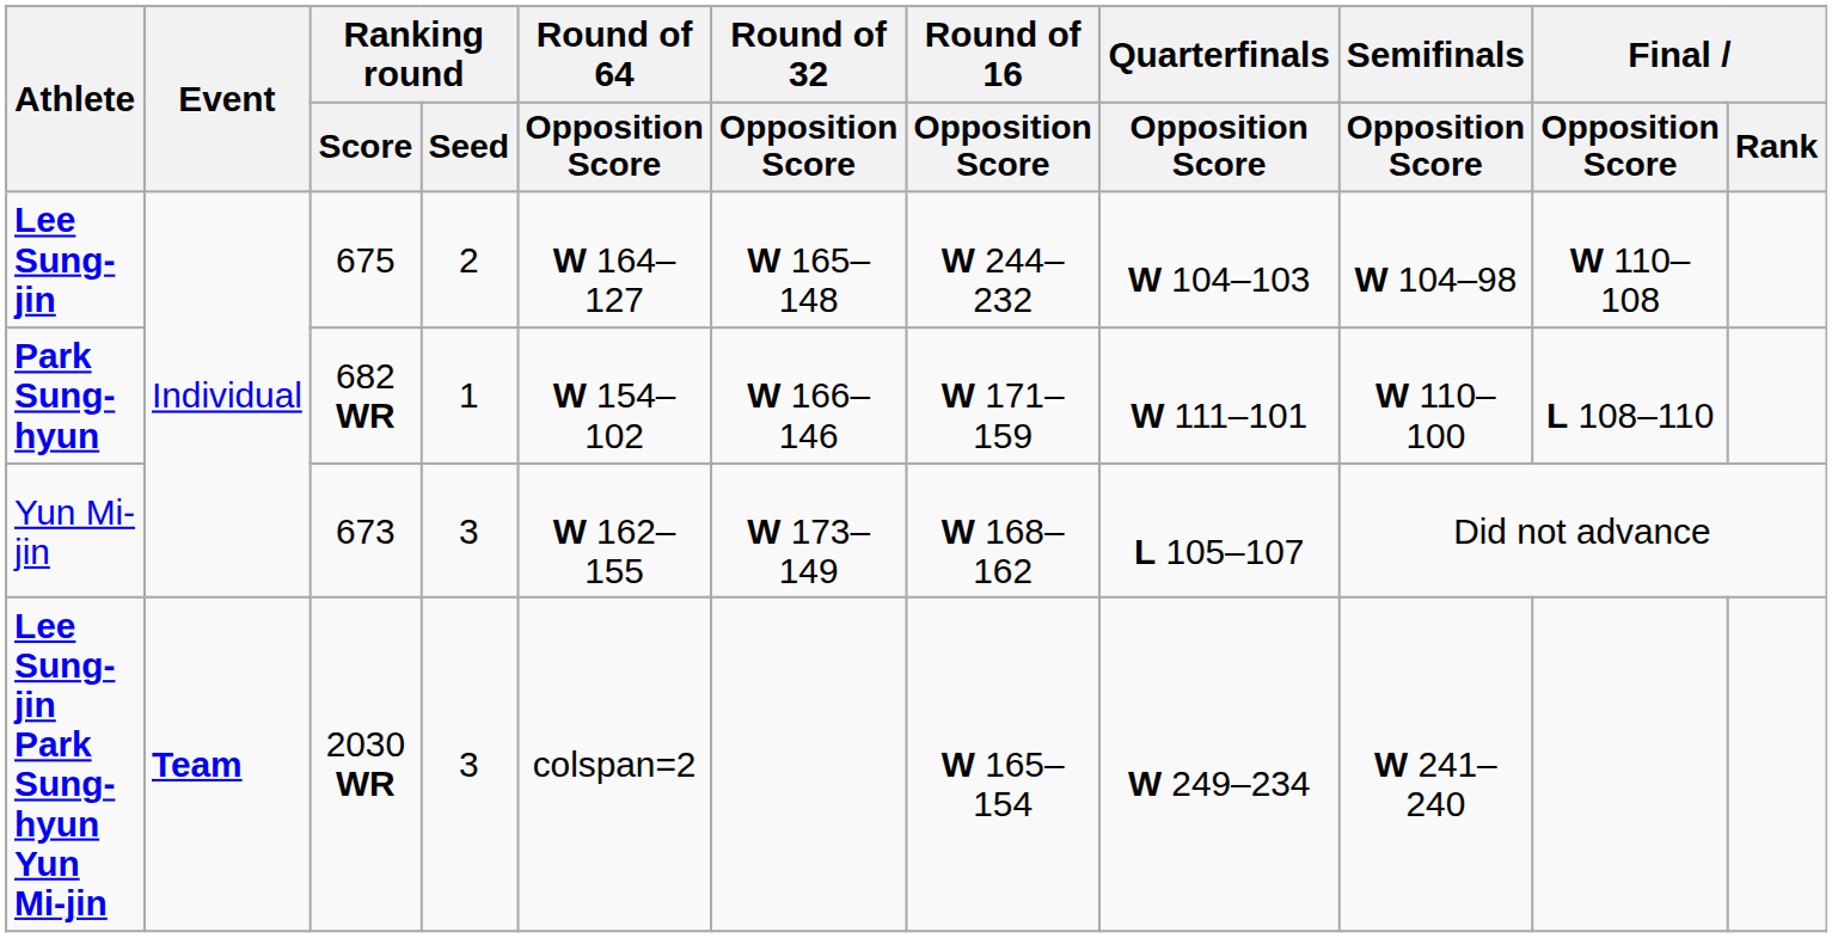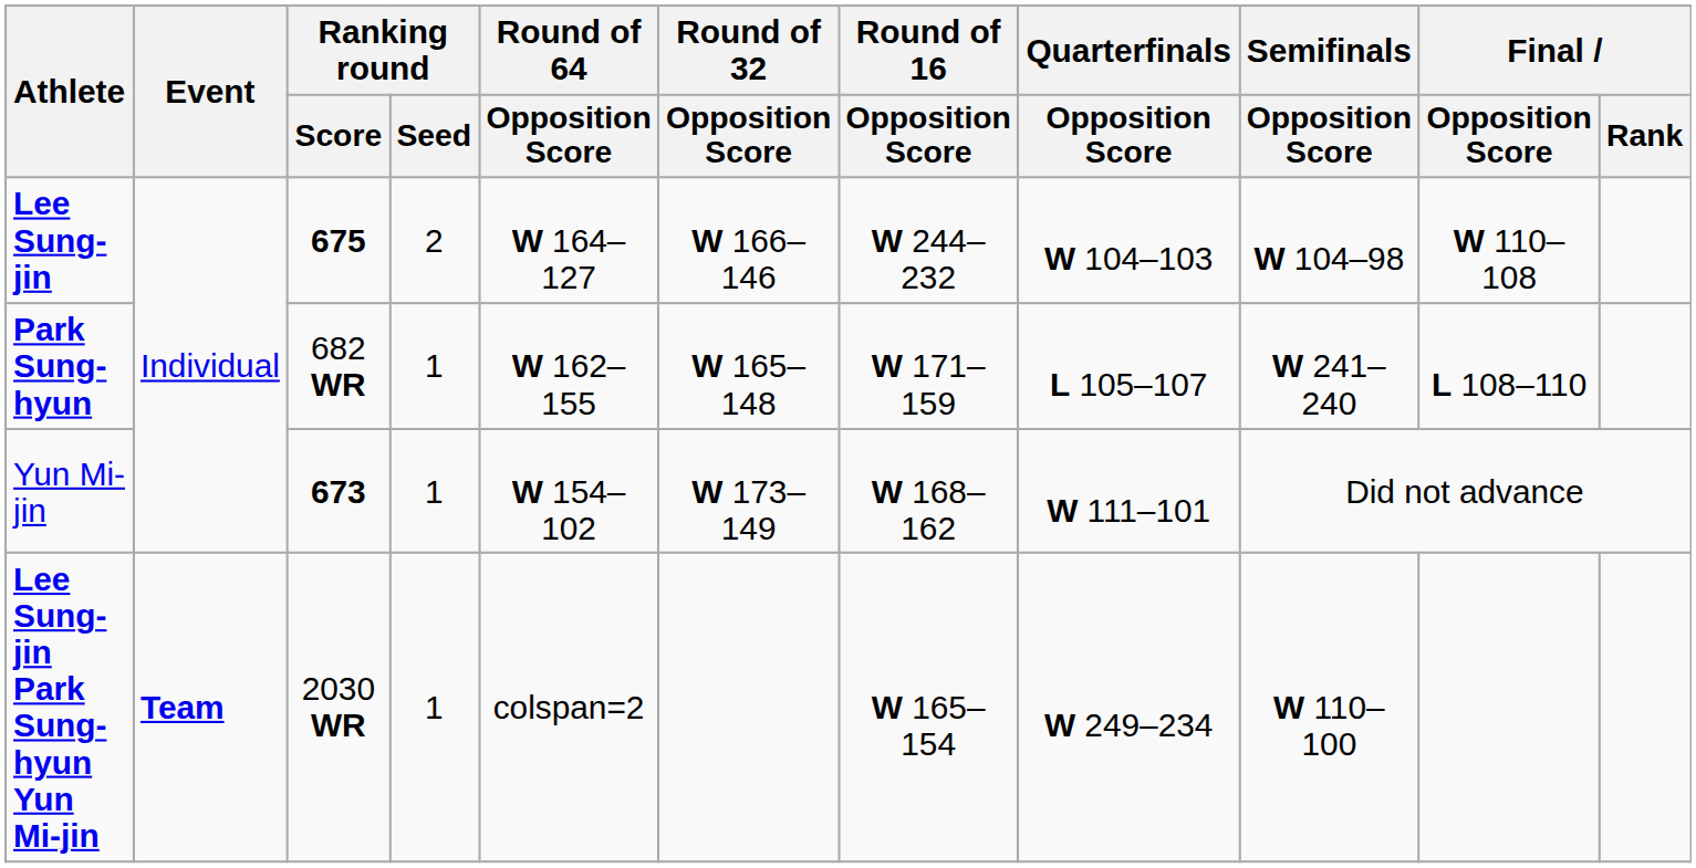 <table class="wikitable" style="font-size:90%">
 <tr>
 <th rowspan="2">Athlete</th>
 <th rowspan="2">Event</th>
 <th colspan="2">Ranking round</th>
 <th>Round of 64</th>
 <th>Round of 32</th>
 <th>Round of 16</th>
 <th>Quarterfinals</th>
 <th>Semifinals</th>
 <th colspan="2">Final / </th>
 </tr>
 <tr style="font-size:95%">
 <th>Score</th>
 <th>Seed</th>
 <th>Opposition<br>Score</th>
 <th>Opposition<br>Score</th>
 <th>Opposition<br>Score</th>
 <th>Opposition<br>Score</th>
 <th>Opposition<br>Score</th>
 <th>Opposition<br>Score</th>
 <th>Rank</th>
 </tr>
 <tr align=center>
 <td align=left><strong><a href='#'>Lee Sung-jin</a></strong></td>
 <td align=left rowspan=3><a href='#'>Individual</a></td>
-<td>675</td>
+<td><strong>675</strong></td>
 <td>2</td>
 <td><br><strong>W</strong> 164–127</td>
-<td><br><strong>W</strong> 165–148</td>
+<td><br><strong>W</strong> 166–146</td>
 <td><br><strong>W</strong> 244–232</td>
 <td><br><strong>W</strong> 104–103</td>
 <td><br><strong>W</strong> 104–98</td>
 <td><br><strong>W</strong> 110–108</td>
 <td></td>
 </tr>
 <tr align=center>
 <td align=left><strong><a href='#'>Park Sung-hyun</a></strong></td>
 <td>682 <strong>WR</strong></td>
 <td>1</td>
-<td><br><strong>W</strong> 154–102</td>
-<td><br><strong>W</strong> 166–146</td>
+<td><br><strong>W</strong> 162–155</td>
+<td><br><strong>W</strong> 165–148</td>
 <td><br><strong>W</strong> 171–159</td>
-<td><br><strong>W</strong> 111–101</td>
-<td><br><strong>W</strong> 110–100</td>
+<td><br><strong>L</strong> 105–107</td>
+<td><br><strong>W</strong> 241–240</td>
 <td><br><strong>L</strong> 108–110</td>
 <td></td>
 </tr>
 <tr align=center>
 <td align=left><a href='#'>Yun Mi-jin</a></td>
-<td>673</td>
-<td>3</td>
-<td><br><strong>W</strong> 162–155</td>
+<td><strong>673</strong></td>
+<td>1</td>
+<td><br><strong>W</strong> 154–102</td>
 <td><br><strong>W</strong> 173–149</td>
 <td><br><strong>W</strong> 168–162</td>
-<td><br><strong>L</strong> 105–107</td>
+<td><br><strong>W</strong> 111–101</td>
 <td colspan=3>Did not advance</td>
 </tr>
 <tr align=center>
 <td align=left><strong><a href='#'>Lee Sung-jin</a><br><a href='#'>Park Sung-hyun</a><br><a href='#'>Yun Mi-jin</a></strong></td>
 <td align=left><strong><a href='#'>Team</a></strong></td>
 <td>2030 <strong>WR</strong></td>
-<td>3</td>
+<td>1</td>
 <td>colspan=2 </td>
 <td></td>
 <td><br><strong>W</strong> 165–154</td>
 <td><br><strong>W</strong> 249–234</td>
-<td><br><strong>W</strong> 241–240</td>
+<td><br><strong>W</strong> 110–100</td>
 <td></td>
 </tr>
 </table>
